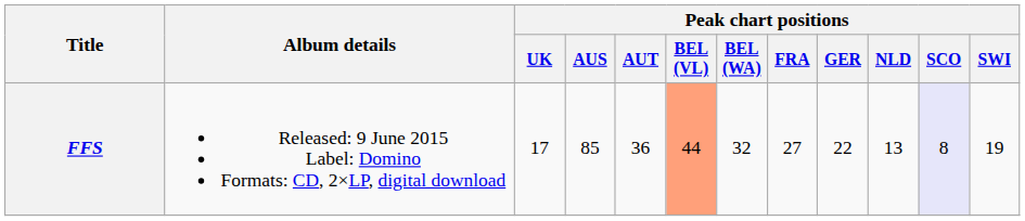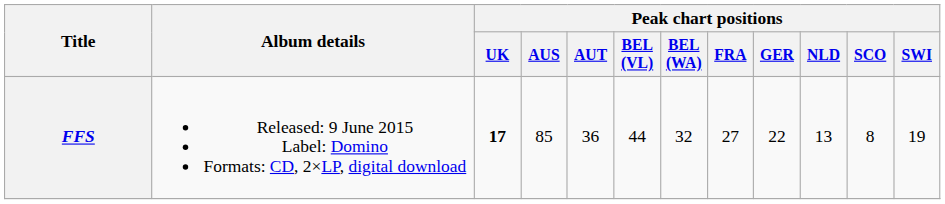 <table class="wikitable plainrowheaders" style="text-align:center;">
 <tr>
 <th scope="col" rowspan="2" style="width:8em;">Title</th>
 <th scope="col" rowspan="2" style="width:18em;">Album details</th>
 <th scope="col" colspan="10">Peak chart positions</th>
 </tr>
 <tr>
 <th scope="col" style="width:2.5em;font-size:90%;"><a href='#'>UK</a><br></th>
 <th scope="col" style="width:2.5em;font-size:90%;"><a href='#'>AUS</a><br></th>
 <th scope="col" style="width:2.5em;font-size:90%;"><a href='#'>AUT</a><br></th>
 <th scope="col" style="width:2.5em;font-size:90%;"><a href='#'>BEL<br>(VL)</a><br></th>
 <th scope="col" style="width:2.5em;font-size:90%;"><a href='#'>BEL<br>(WA)</a><br></th>
 <th scope="col" style="width:2.5em;font-size:90%;"><a href='#'>FRA</a><br></th>
 <th scope="col" style="width:2.5em;font-size:90%;"><a href='#'>GER</a><br></th>
 <th scope="col" style="width:2.5em;font-size:90%;"><a href='#'>NLD</a><br></th>
 <th scope="col" style="width:2.5em;font-size:90%;"><a href='#'>SCO</a><br></th>
 <th scope="col" style="width:2.5em;font-size:90%;"><a href='#'>SWI</a><br></th>
 </tr>
 <tr>
 <th scope="row"><em><a href='#'>FFS</a></em></th>
 <td><br><ul><li>Released: 9 June 2015</li><li>Label: <a href='#'>Domino</a></li><li>Formats: <a href='#'>CD</a>, 2×<a href='#'>LP</a>, <a href='#'>digital download</a></li></ul></td>
-<td>17</td>
+<td><strong>17</strong></td>
 <td>85</td>
 <td>36</td>
-<td style="background: lightsalmon;">44</td>
+<td>44</td>
 <td>32</td>
 <td>27</td>
 <td>22</td>
 <td>13</td>
-<td style="background: lavender;">8</td>
+<td>8</td>
 <td>19</td>
 </tr>
 <tr>
 </tr>
 </table>
